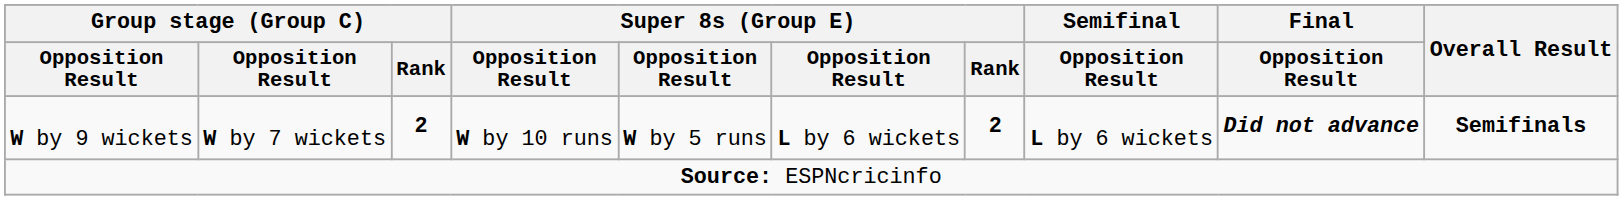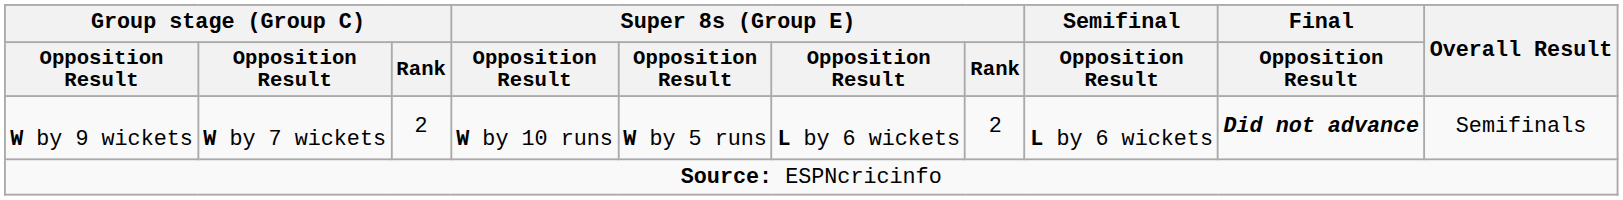 <table class=wikitable style=font-size:90%;text-align:center>
 <tr>
 <th colspan=3>Group stage (Group C)</th>
 <th colspan=4>Super 8s (Group E)</th>
 <th>Semifinal</th>
 <th>Final</th>
 <th rowspan=2>Overall Result</th>
 </tr>
 <tr style=font-size:95%>
 <th>Opposition<br>Result</th>
 <th>Opposition<br>Result</th>
 <th>Rank</th>
 <th>Opposition<br>Result</th>
 <th>Opposition<br>Result</th>
 <th>Opposition<br>Result</th>
 <th>Rank</th>
 <th>Opposition<br>Result</th>
 <th>Opposition<br>Result</th>
 </tr>
 <tr>
 <td><br><strong>W</strong> by 9 wickets</td>
 <td><br><strong>W</strong> by 7 wickets</td>
-<td><strong>2</strong></td>
+<td>2</td>
 <td><br><strong>W</strong> by 10 runs</td>
 <td><br><strong>W</strong> by 5 runs</td>
 <td><br><strong>L</strong> by 6 wickets</td>
-<td><strong>2</strong></td>
+<td>2</td>
 <td><br> <strong>L</strong> by 6 wickets</td>
 <td><strong><em>Did not advance</em></strong></td>
-<td><strong>Semifinals</strong></td>
+<td>Semifinals</td>
 </tr>
 <tr>
 <td colspan="11"><strong>Source:</strong> ESPNcricinfo</td>
 </tr>
 </table>
